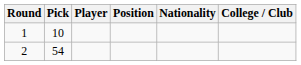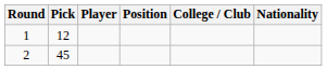 <table class="wikitable sortable sortable">
 <tr>
 <th scope="col">Round</th>
 <th scope="col">Pick</th>
 <th scope="col">Player</th>
 <th scope="col">Position</th>
+<th scope="col">College / Club</th>
 <th scope="col">Nationality</th>
-<th scope="col">College / Club</th>
 </tr>
 <tr style="text-align: center">
 <td>1</td>
-<td>10</td>
+<td>12</td>
 <td></td>
 <td></td>
 <td></td>
 <td></td>
 </tr>
 <tr style="text-align: center">
 <td>2</td>
-<td>54</td>
+<td>45</td>
 <td></td>
 <td></td>
 <td></td>
 <td></td>
 </tr>
 </table>
